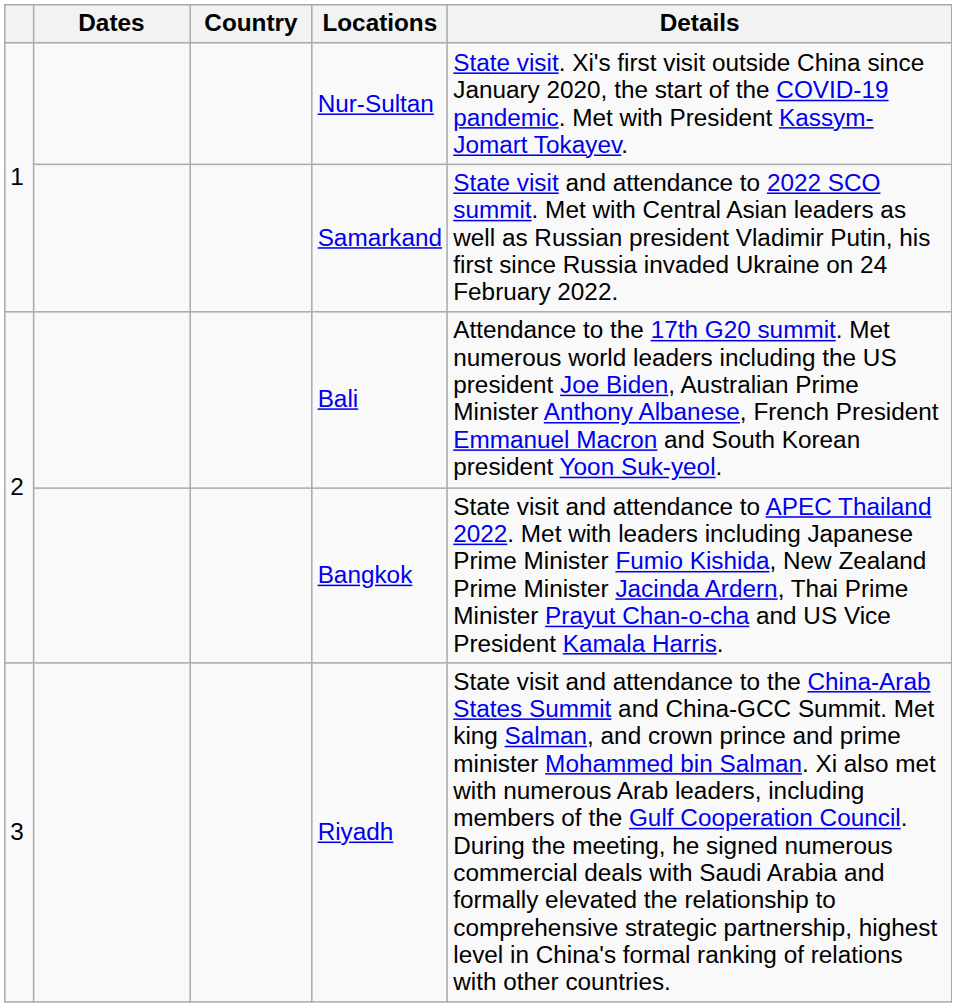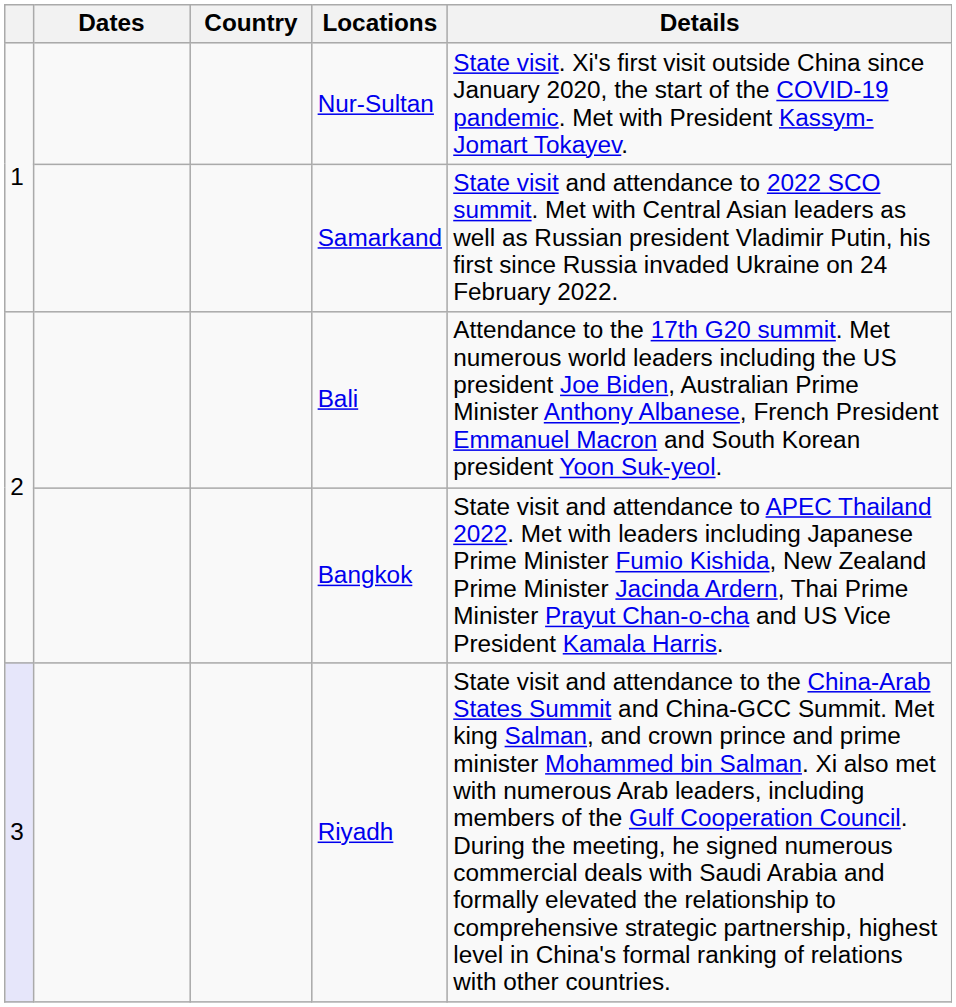 <table class="wikitable sortable" style="margin:1em auto 1em auto;">
 <tr>
 <th style="width: 3%;"></th>
 <th style="width: 17%;">Dates</th>
 <th style="width: 13%;">Country</th>
 <th style="width: 12%;">Locations</th>
 <th style="width: 55%;">Details</th>
 </tr>
 <tr>
 <td rowspan=2>1</td>
 <td></td>
 <td></td>
 <td><a href='#'>Nur-Sultan</a></td>
 <td><a href='#'>State visit</a>. Xi's first visit outside China since January 2020, the start of the <a href='#'>COVID-19 pandemic</a>. Met with President <a href='#'>Kassym-Jomart Tokayev</a>.</td>
 </tr>
 <tr>
 <td></td>
 <td></td>
 <td><a href='#'>Samarkand</a></td>
 <td><a href='#'>State visit</a> and attendance to <a href='#'>2022 SCO summit</a>. Met with Central Asian leaders as well as Russian president Vladimir Putin, his first since Russia invaded Ukraine on 24 February 2022.</td>
 </tr>
 <tr>
 <td rowspan=2>2</td>
 <td></td>
 <td></td>
 <td><a href='#'>Bali</a></td>
 <td>Attendance to the <a href='#'>17th G20 summit</a>. Met numerous world leaders including the US president <a href='#'>Joe Biden</a>, Australian Prime Minister <a href='#'>Anthony Albanese</a>, French President <a href='#'>Emmanuel Macron</a> and South Korean president <a href='#'>Yoon Suk-yeol</a>.</td>
 </tr>
 <tr>
 <td></td>
 <td></td>
 <td><a href='#'>Bangkok</a></td>
 <td>State visit and attendance to <a href='#'>APEC Thailand 2022</a>. Met with leaders including Japanese Prime Minister <a href='#'>Fumio Kishida</a>, New Zealand Prime Minister <a href='#'>Jacinda Ardern</a>, Thai Prime Minister <a href='#'>Prayut Chan-o-cha</a> and US Vice President <a href='#'>Kamala Harris</a>.</td>
 </tr>
 <tr>
-<td>3</td>
+<td style="background: lavender;">3</td>
 <td></td>
 <td></td>
 <td><a href='#'>Riyadh</a></td>
 <td>State visit and attendance to the <a href='#'>China-Arab States Summit</a> and China-GCC Summit. Met king <a href='#'>Salman</a>, and crown prince and prime minister <a href='#'>Mohammed bin Salman</a>. Xi also met with numerous Arab leaders, including members of the <a href='#'>Gulf Cooperation Council</a>. During the meeting, he signed numerous commercial deals with Saudi Arabia and formally elevated the relationship to comprehensive strategic partnership, highest level in China's formal ranking of relations with other countries.</td>
 </tr>
 </table>
